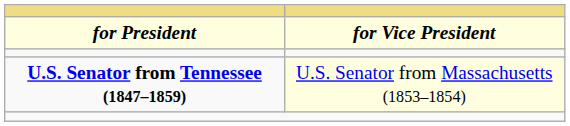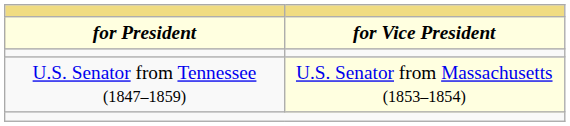 <table class="wikitable" style="font-size:90%; text-align:center;">
 <tr>
 <th style="width:3em; font-size:135%; background:#F0DC82; width:200px;"><a href='#'></a></th>
 <th style="width:3em; font-size:135%; background:#F0DC82; width:200px;"><a href='#'></a></th>
 </tr>
 <tr style="color:#000000; font-size:100%; background:#F0DC82;">
 <td style="width:3em; font-size:100%; color:#000; background:lightyellow; width:200px;"><strong><em>for President</em></strong></td>
 <td style="width:3em; font-size:100%; color:#000; background:lightyellow; width:200px;"><strong><em>for Vice President</em></strong></td>
 </tr>
 <tr>
 <td></td>
 <td></td>
 </tr>
 <tr>
-<td><strong><a href='#'>U.S. Senator</a> from <a href='#'>Tennessee</a><br><small>(1847–1859)</small></strong></td>
+<td><a href='#'>U.S. Senator</a> from <a href='#'>Tennessee</a><br><small>(1847–1859)</small></td>
 <td style="background: lightyellow;"><a href='#'>U.S. Senator</a> from <a href='#'>Massachusetts</a><br><small>(1853–1854)</small></td>
 </tr>
 <tr>
 <td colspan="2"></td>
 </tr>
 </table>
